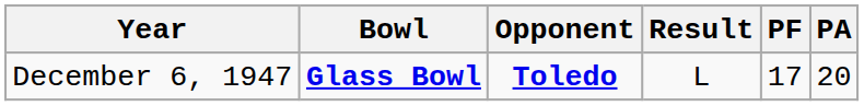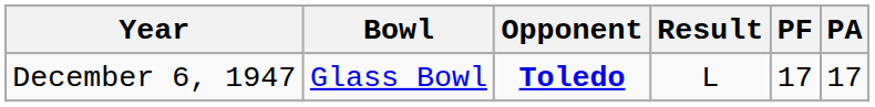 <table class="wikitable" style="text-align: center">
 <tr>
 <th>Year</th>
 <th>Bowl</th>
 <th>Opponent</th>
 <th>Result</th>
 <th>PF</th>
 <th>PA</th>
 </tr>
 <tr>
 <td>December 6, 1947</td>
-<td><strong><a href='#'>Glass Bowl</a></strong></td>
+<td><a href='#'>Glass Bowl</a></td>
 <td><strong><a href='#'>Toledo</a></strong></td>
 <td>L</td>
 <td>17</td>
-<td>20</td>
+<td>17</td>
 </tr>
 </table>
